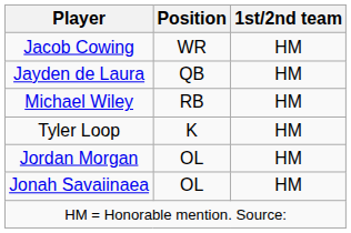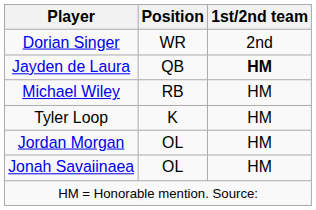 <table class="wikitable" style="text-align: center">
 <tr align=center>
 <th>Player</th>
 <th>Position</th>
 <th>1st/2nd team</th>
 </tr>
 <tr>
-<td><a href='#'>Jacob Cowing</a></td>
+<td><a href='#'>Dorian Singer</a></td>
 <td>WR</td>
-<td>HM</td>
+<td>2nd</td>
 </tr>
 <tr>
 <td><a href='#'>Jayden de Laura</a></td>
 <td>QB</td>
-<td>HM</td>
+<td><strong>HM</strong></td>
 </tr>
 <tr>
 <td><a href='#'>Michael Wiley</a></td>
 <td>RB</td>
 <td>HM</td>
 </tr>
 <tr>
 <td>Tyler Loop</td>
 <td>K</td>
 <td>HM</td>
 </tr>
 <tr>
 <td><a href='#'>Jordan Morgan</a></td>
 <td>OL</td>
 <td>HM</td>
 </tr>
 <tr>
 <td><a href='#'>Jonah Savaiinaea</a></td>
 <td>OL</td>
 <td>HM</td>
 </tr>
 <tr>
 <td colspan="3"><small>HM = Honorable mention. Source: </small></td>
 </tr>
 </table>
